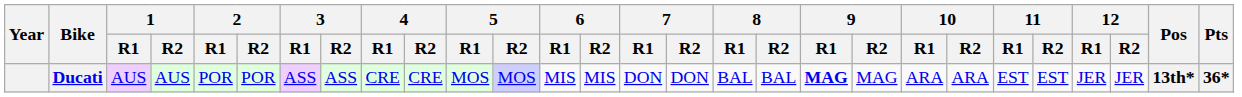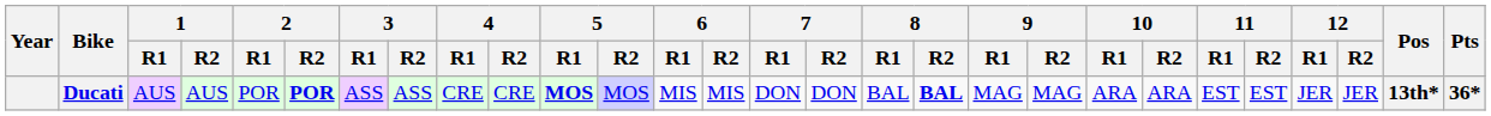 <table class="wikitable" style="text-align:center; font-size:90%;">
 <tr>
 <th rowspan="2">Year</th>
 <th rowspan="2">Bike</th>
 <th colspan="2">1</th>
 <th colspan="2">2</th>
 <th colspan="2">3</th>
 <th colspan="2">4</th>
 <th colspan="2">5</th>
 <th colspan="2">6</th>
 <th colspan="2">7</th>
 <th colspan="2">8</th>
 <th colspan="2">9</th>
 <th colspan="2">10</th>
 <th colspan="2">11</th>
 <th colspan="2">12</th>
 <th rowspan="2">Pos</th>
 <th rowspan="2">Pts</th>
 </tr>
 <tr>
 <th>R1</th>
 <th>R2</th>
 <th>R1</th>
 <th>R2</th>
 <th>R1</th>
 <th>R2</th>
 <th>R1</th>
 <th>R2</th>
 <th>R1</th>
 <th>R2</th>
 <th>R1</th>
 <th>R2</th>
 <th>R1</th>
 <th>R2</th>
 <th>R1</th>
 <th>R2</th>
 <th>R1</th>
 <th>R2</th>
 <th>R1</th>
 <th>R2</th>
 <th>R1</th>
 <th>R2</th>
 <th>R1</th>
 <th>R2</th>
 </tr>
 <tr>
 <th></th>
 <th><a href='#'>Ducati</a></th>
 <td style="background:#EFCFFF;"><a href='#'>AUS</a><br></td>
 <td style="background:#DFFFDF;"><a href='#'>AUS</a><br></td>
 <td style="background:#DFFFDF;"><a href='#'>POR</a><br></td>
-<td style="background:#DFFFDF;"><a href='#'>POR</a><br></td>
+<td style="background:#DFFFDF;"><strong><a href='#'>POR</a><br></strong></td>
 <td style="background:#EFCFFF;"><a href='#'>ASS</a><br></td>
 <td style="background:#DFFFDF;"><a href='#'>ASS</a><br></td>
 <td style="background:#DFFFDF;"><a href='#'>CRE</a><br></td>
 <td style="background:#DFFFDF;"><a href='#'>CRE</a><br></td>
-<td style="background:#DFFFDF;"><a href='#'>MOS</a><br></td>
+<td style="background:#DFFFDF;"><strong><a href='#'>MOS</a><br></strong></td>
 <td style="background:#CFCFFF;"><a href='#'>MOS</a><br></td>
 <td style="background:#;"><a href='#'>MIS</a><br></td>
 <td style="background:#;"><a href='#'>MIS</a><br></td>
 <td style="background:#;"><a href='#'>DON</a><br></td>
 <td style="background:#;"><a href='#'>DON</a><br></td>
 <td style="background:#;"><a href='#'>BAL</a><br></td>
-<td style="background:#;"><a href='#'>BAL</a><br></td>
-<td style="background:#;"><strong><a href='#'>MAG</a><br></strong></td>
+<td style="background:#;"><strong><a href='#'>BAL</a><br></strong></td>
+<td style="background:#;"><a href='#'>MAG</a><br></td>
 <td style="background:#;"><a href='#'>MAG</a><br></td>
 <td style="background:#;"><a href='#'>ARA</a><br></td>
 <td style="background:#;"><a href='#'>ARA</a><br></td>
 <td style="background:#;"><a href='#'>EST</a><br></td>
 <td style="background:#;"><a href='#'>EST</a><br></td>
 <td style="background:#;"><a href='#'>JER</a><br></td>
 <td style="background:#;"><a href='#'>JER</a><br></td>
 <th>13th*</th>
 <th>36*</th>
 </tr>
 </table>
